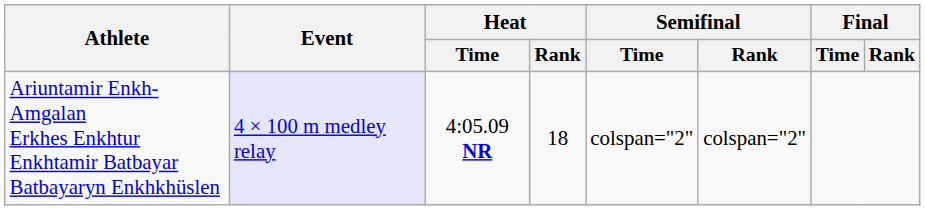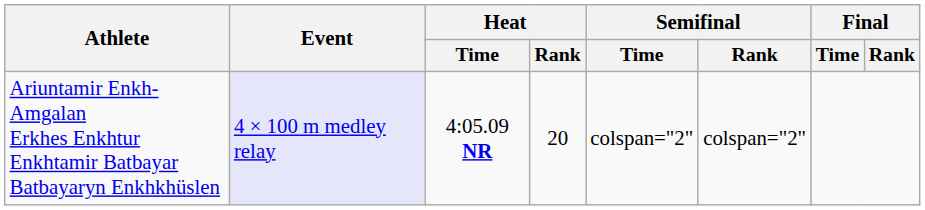 <table class="wikitable" style="text-align:center; font-size:90%; width:50%;">
 <tr>
 <th rowspan="2">Athlete</th>
 <th rowspan="2">Event</th>
 <th colspan="2">Heat</th>
 <th colspan="2">Semifinal</th>
 <th colspan="2">Final</th>
 </tr>
 <tr style="font-size:95%">
 <th>Time</th>
 <th>Rank</th>
 <th>Time</th>
 <th>Rank</th>
 <th>Time</th>
 <th>Rank</th>
 </tr>
 <tr>
 <td align=left><a href='#'>Ariuntamir Enkh-Amgalan</a> <br><a href='#'>Erkhes Enkhtur</a> <br><a href='#'>Enkhtamir Batbayar</a><br><a href='#'>Batbayaryn Enkhkhüslen</a></td>
 <td align=left style="background: lavender;"><a href='#'>4 × 100 m medley relay</a></td>
 <td>4:05.09 <strong><a href='#'>NR</a></strong></td>
-<td>18</td>
+<td>20</td>
 <td>colspan="2" </td>
 <td>colspan="2" </td>
 </tr>
 </table>
